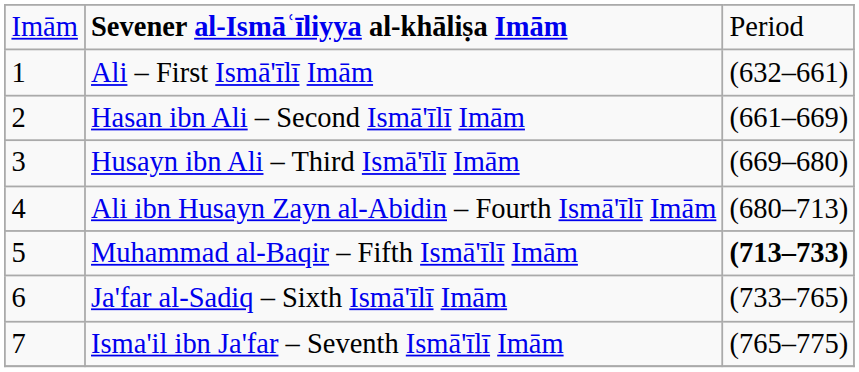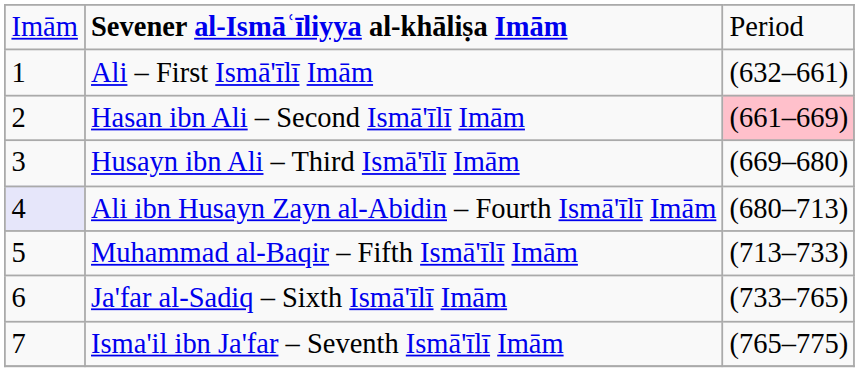 <table class="wikitable">
 <tr>
 <td><a href='#'>Imām</a></td>
 <td><strong>Sevener <a href='#'>al-Ismāʿīliyya</a> al-khāliṣa <a href='#'>Imām</a></strong></td>
 <td>Period</td>
 </tr>
 <tr>
 <td>1</td>
 <td><a href='#'>Ali</a> – First <a href='#'>Ismā'īlī</a> <a href='#'>Imām</a></td>
 <td>(632–661)</td>
 </tr>
 <tr>
 <td>2</td>
 <td><a href='#'>Hasan ibn Ali</a> – Second <a href='#'>Ismā'īlī</a> <a href='#'>Imām</a></td>
-<td>(661–669)</td>
+<td style="background: pink;">(661–669)</td>
 </tr>
 <tr>
 <td>3</td>
 <td><a href='#'>Husayn ibn Ali</a> – Third <a href='#'>Ismā'īlī</a> <a href='#'>Imām</a></td>
 <td>(669–680)</td>
 </tr>
 <tr>
-<td>4</td>
+<td style="background: lavender;">4</td>
 <td><a href='#'>Ali ibn Husayn Zayn al-Abidin</a> – Fourth <a href='#'>Ismā'īlī</a> <a href='#'>Imām</a></td>
 <td>(680–713)</td>
 </tr>
 <tr>
 <td>5</td>
 <td><a href='#'>Muhammad al-Baqir</a> – Fifth <a href='#'>Ismā'īlī</a> <a href='#'>Imām</a></td>
-<td><strong>(713–733)</strong></td>
+<td>(713–733)</td>
 </tr>
 <tr>
 <td>6</td>
 <td><a href='#'>Ja'far al-Sadiq</a> – Sixth <a href='#'>Ismā'īlī</a> <a href='#'>Imām</a></td>
 <td>(733–765)</td>
 </tr>
 <tr>
 <td>7</td>
 <td><a href='#'>Isma'il ibn Ja'far</a> – Seventh <a href='#'>Ismā'īlī</a> <a href='#'>Imām</a></td>
 <td>(765–775)</td>
 </tr>
 <tr>
 </tr>
 </table>
